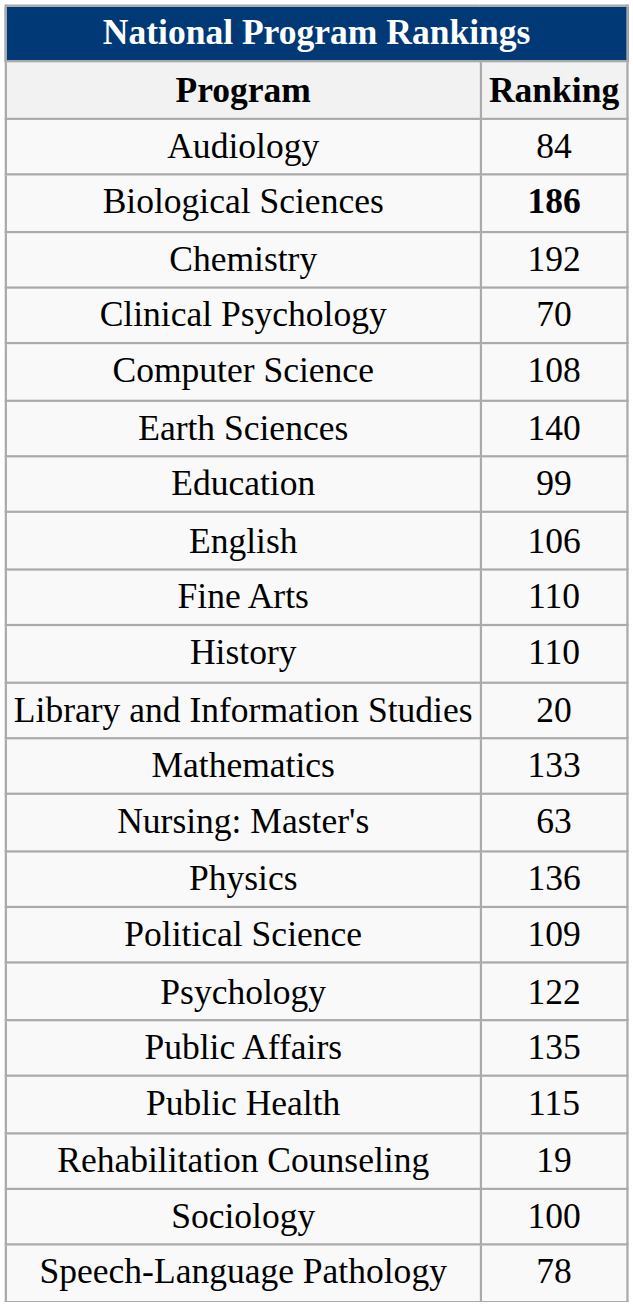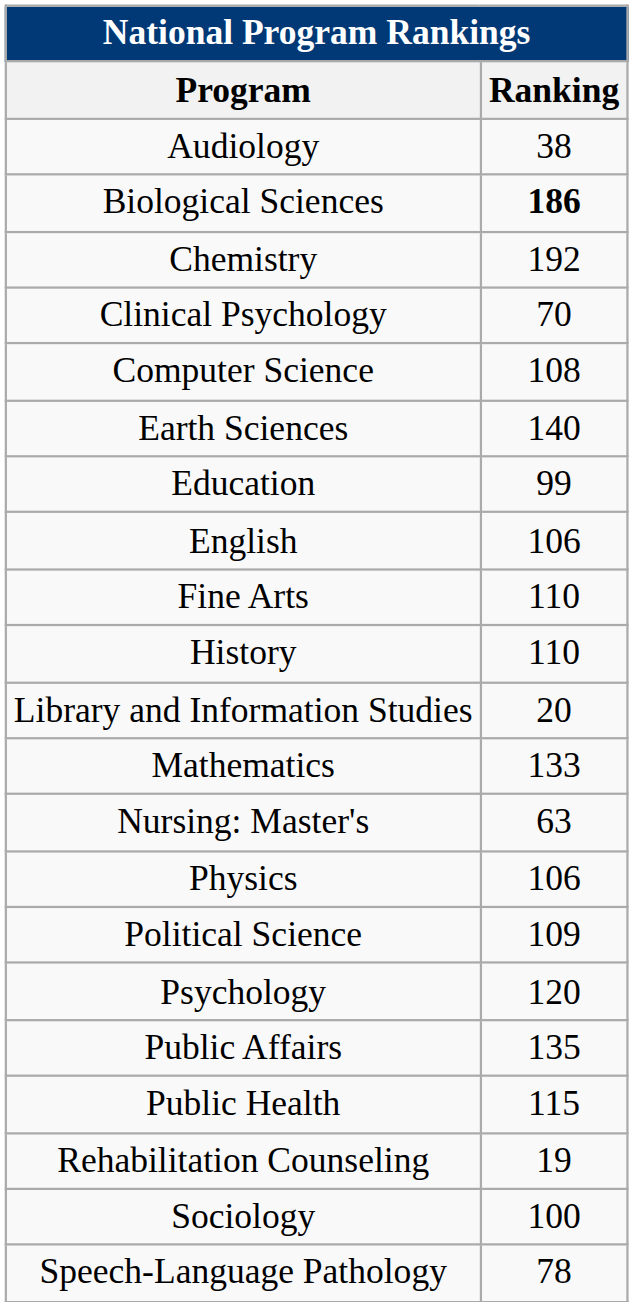 <table class="wikitable sortable collapsible collapsed" style="float:right; clear:right; text-align:center">
 <tr>
 <th colspan=4 style="background:#003976; color:white; ">National Program Rankings</th>
 </tr>
 <tr>
 <th>Program</th>
 <th>Ranking</th>
 </tr>
 <tr>
 <td>Audiology</td>
-<td>84</td>
+<td>38</td>
 </tr>
 <tr>
 <td>Biological Sciences</td>
 <td><strong>186</strong></td>
 </tr>
 <tr>
 <td>Chemistry</td>
 <td>192</td>
 </tr>
 <tr>
 <td>Clinical Psychology</td>
 <td>70</td>
 </tr>
 <tr>
 <td>Computer Science</td>
 <td>108</td>
 </tr>
 <tr>
 <td>Earth Sciences</td>
 <td>140</td>
 </tr>
 <tr>
 <td>Education</td>
 <td>99</td>
 </tr>
 <tr>
 <td>English</td>
 <td>106</td>
 </tr>
 <tr>
 <td>Fine Arts</td>
 <td>110</td>
 </tr>
 <tr>
 <td>History</td>
 <td>110</td>
 </tr>
 <tr>
 <td>Library and Information Studies</td>
 <td>20</td>
 </tr>
 <tr>
 <td>Mathematics</td>
 <td>133</td>
 </tr>
 <tr>
 <td>Nursing: Master's</td>
 <td>63</td>
 </tr>
 <tr>
 <td>Physics</td>
-<td>136</td>
+<td>106</td>
 </tr>
 <tr>
 <td>Political Science</td>
 <td>109</td>
 </tr>
 <tr>
 <td>Psychology</td>
-<td>122</td>
+<td>120</td>
 </tr>
 <tr>
 <td>Public Affairs</td>
 <td>135</td>
 </tr>
 <tr>
 <td>Public Health</td>
 <td>115</td>
 </tr>
 <tr>
 <td>Rehabilitation Counseling</td>
 <td>19</td>
 </tr>
 <tr>
 <td>Sociology</td>
 <td>100</td>
 </tr>
 <tr>
 <td>Speech-Language Pathology</td>
 <td>78</td>
 </tr>
 <tr>
 </tr>
 </table>
